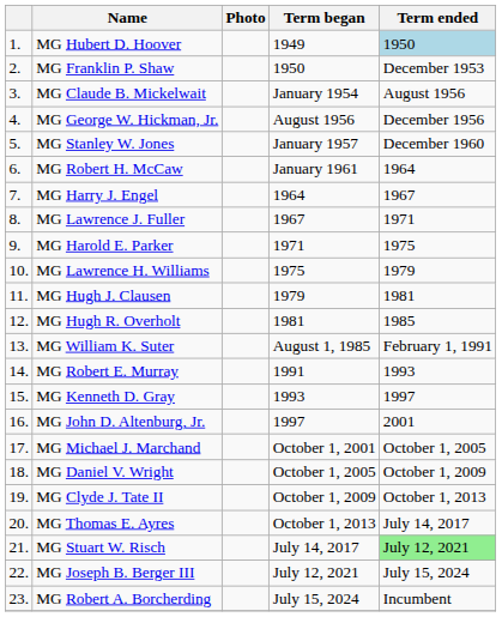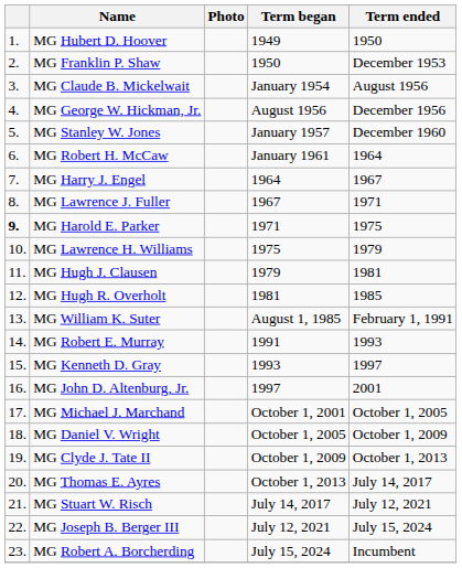 <table class="wikitable">
 <tr>
 <th></th>
 <th>Name</th>
 <th>Photo</th>
 <th>Term began</th>
 <th>Term ended</th>
 </tr>
 <tr>
 <td>1.</td>
 <td>MG <a href='#'>Hubert D. Hoover</a></td>
 <td></td>
 <td>1949</td>
-<td style="background: lightblue;">1950</td>
+<td>1950</td>
 </tr>
 <tr>
 <td>2.</td>
 <td>MG <a href='#'>Franklin P. Shaw</a></td>
 <td></td>
 <td>1950</td>
 <td>December 1953</td>
 </tr>
 <tr>
 <td>3.</td>
 <td>MG <a href='#'>Claude B. Mickelwait</a></td>
 <td></td>
 <td>January 1954</td>
 <td>August 1956</td>
 </tr>
 <tr>
 <td>4.</td>
 <td>MG <a href='#'>George W. Hickman, Jr.</a></td>
 <td></td>
 <td>August 1956</td>
 <td>December 1956</td>
 </tr>
 <tr>
 <td>5.</td>
 <td>MG <a href='#'>Stanley W. Jones</a></td>
 <td></td>
 <td>January 1957</td>
 <td>December 1960</td>
 </tr>
 <tr>
 <td>6.</td>
 <td>MG <a href='#'>Robert H. McCaw</a></td>
 <td></td>
 <td>January 1961</td>
 <td>1964</td>
 </tr>
 <tr>
 <td>7.</td>
 <td>MG <a href='#'>Harry J. Engel</a></td>
 <td></td>
 <td>1964</td>
 <td>1967</td>
 </tr>
 <tr>
 <td>8.</td>
 <td>MG <a href='#'>Lawrence J. Fuller</a></td>
 <td></td>
 <td>1967</td>
 <td>1971</td>
 </tr>
 <tr>
-<td>9.</td>
+<td><strong>9.</strong></td>
 <td>MG <a href='#'>Harold E. Parker</a></td>
 <td></td>
 <td>1971</td>
 <td>1975</td>
 </tr>
 <tr>
 <td>10.</td>
 <td>MG <a href='#'>Lawrence H. Williams</a></td>
 <td></td>
 <td>1975</td>
 <td>1979</td>
 </tr>
 <tr>
 <td>11.</td>
 <td>MG <a href='#'>Hugh J. Clausen</a></td>
 <td></td>
 <td>1979</td>
 <td>1981</td>
 </tr>
 <tr>
 <td>12.</td>
 <td>MG <a href='#'>Hugh R. Overholt</a></td>
 <td></td>
 <td>1981</td>
 <td>1985</td>
 </tr>
 <tr>
 <td>13.</td>
 <td>MG <a href='#'>William K. Suter</a></td>
 <td></td>
 <td>August 1, 1985</td>
 <td>February 1, 1991</td>
 </tr>
 <tr>
 <td>14.</td>
 <td>MG <a href='#'>Robert E. Murray</a></td>
 <td></td>
 <td>1991</td>
 <td>1993</td>
 </tr>
 <tr>
 <td>15.</td>
 <td>MG <a href='#'>Kenneth D. Gray</a></td>
 <td></td>
 <td>1993</td>
 <td>1997</td>
 </tr>
 <tr>
 <td>16.</td>
 <td>MG <a href='#'>John D. Altenburg, Jr.</a></td>
 <td></td>
 <td>1997</td>
 <td>2001</td>
 </tr>
 <tr>
 <td>17.</td>
 <td>MG <a href='#'>Michael J. Marchand</a></td>
 <td></td>
 <td>October 1, 2001</td>
 <td>October 1, 2005</td>
 </tr>
 <tr>
 <td>18.</td>
 <td>MG <a href='#'>Daniel V. Wright</a></td>
 <td></td>
 <td>October 1, 2005</td>
 <td>October 1, 2009</td>
 </tr>
 <tr>
 <td>19.</td>
 <td>MG <a href='#'>Clyde J. Tate II</a></td>
 <td></td>
 <td>October 1, 2009</td>
 <td>October 1, 2013</td>
 </tr>
 <tr>
 <td>20.</td>
 <td>MG <a href='#'>Thomas E. Ayres</a></td>
 <td></td>
 <td>October 1, 2013</td>
 <td>July 14, 2017</td>
 </tr>
 <tr>
 <td>21.</td>
 <td>MG <a href='#'>Stuart W. Risch</a></td>
 <td></td>
 <td>July 14, 2017</td>
-<td style="background: lightgreen;">July 12, 2021</td>
+<td>July 12, 2021</td>
 </tr>
 <tr>
 <td>22.</td>
 <td>MG <a href='#'>Joseph B. Berger III</a></td>
 <td></td>
 <td>July 12, 2021</td>
 <td>July 15, 2024</td>
 </tr>
 <tr>
 <td>23.</td>
 <td>MG <a href='#'>Robert A. Borcherding</a></td>
 <td></td>
 <td>July 15, 2024</td>
 <td>Incumbent</td>
 </tr>
 <tr>
 </tr>
 </table>
